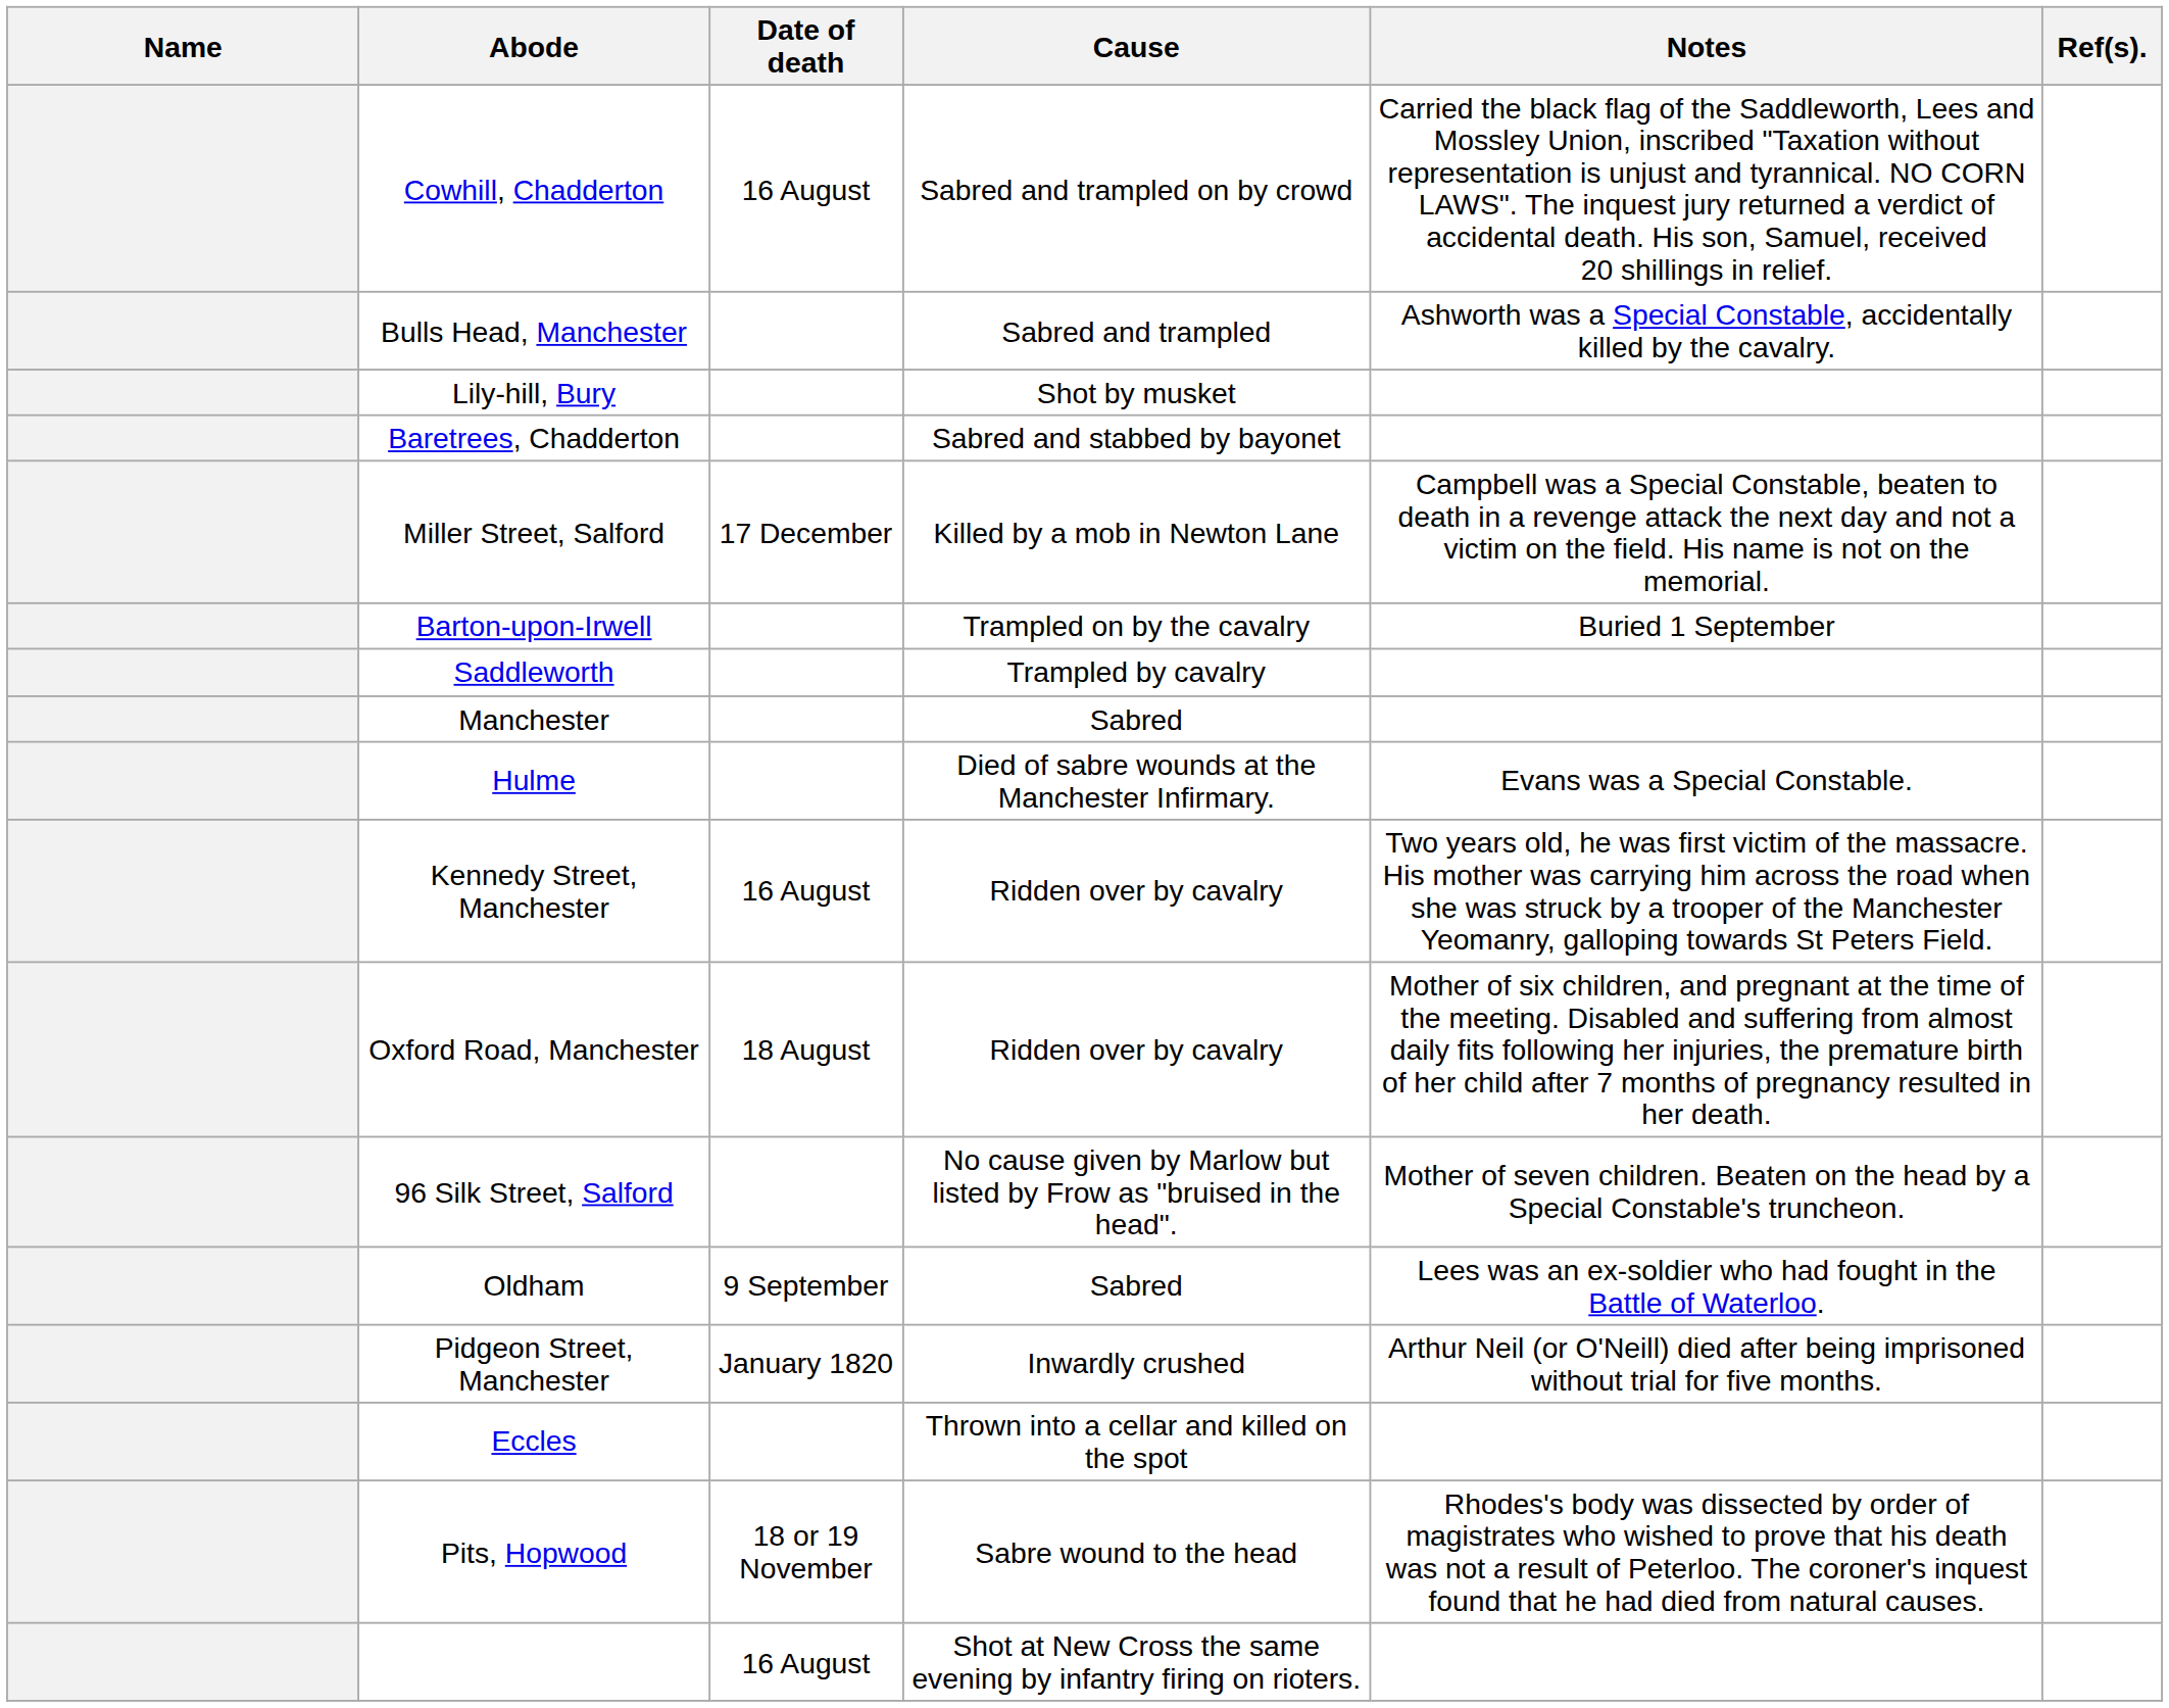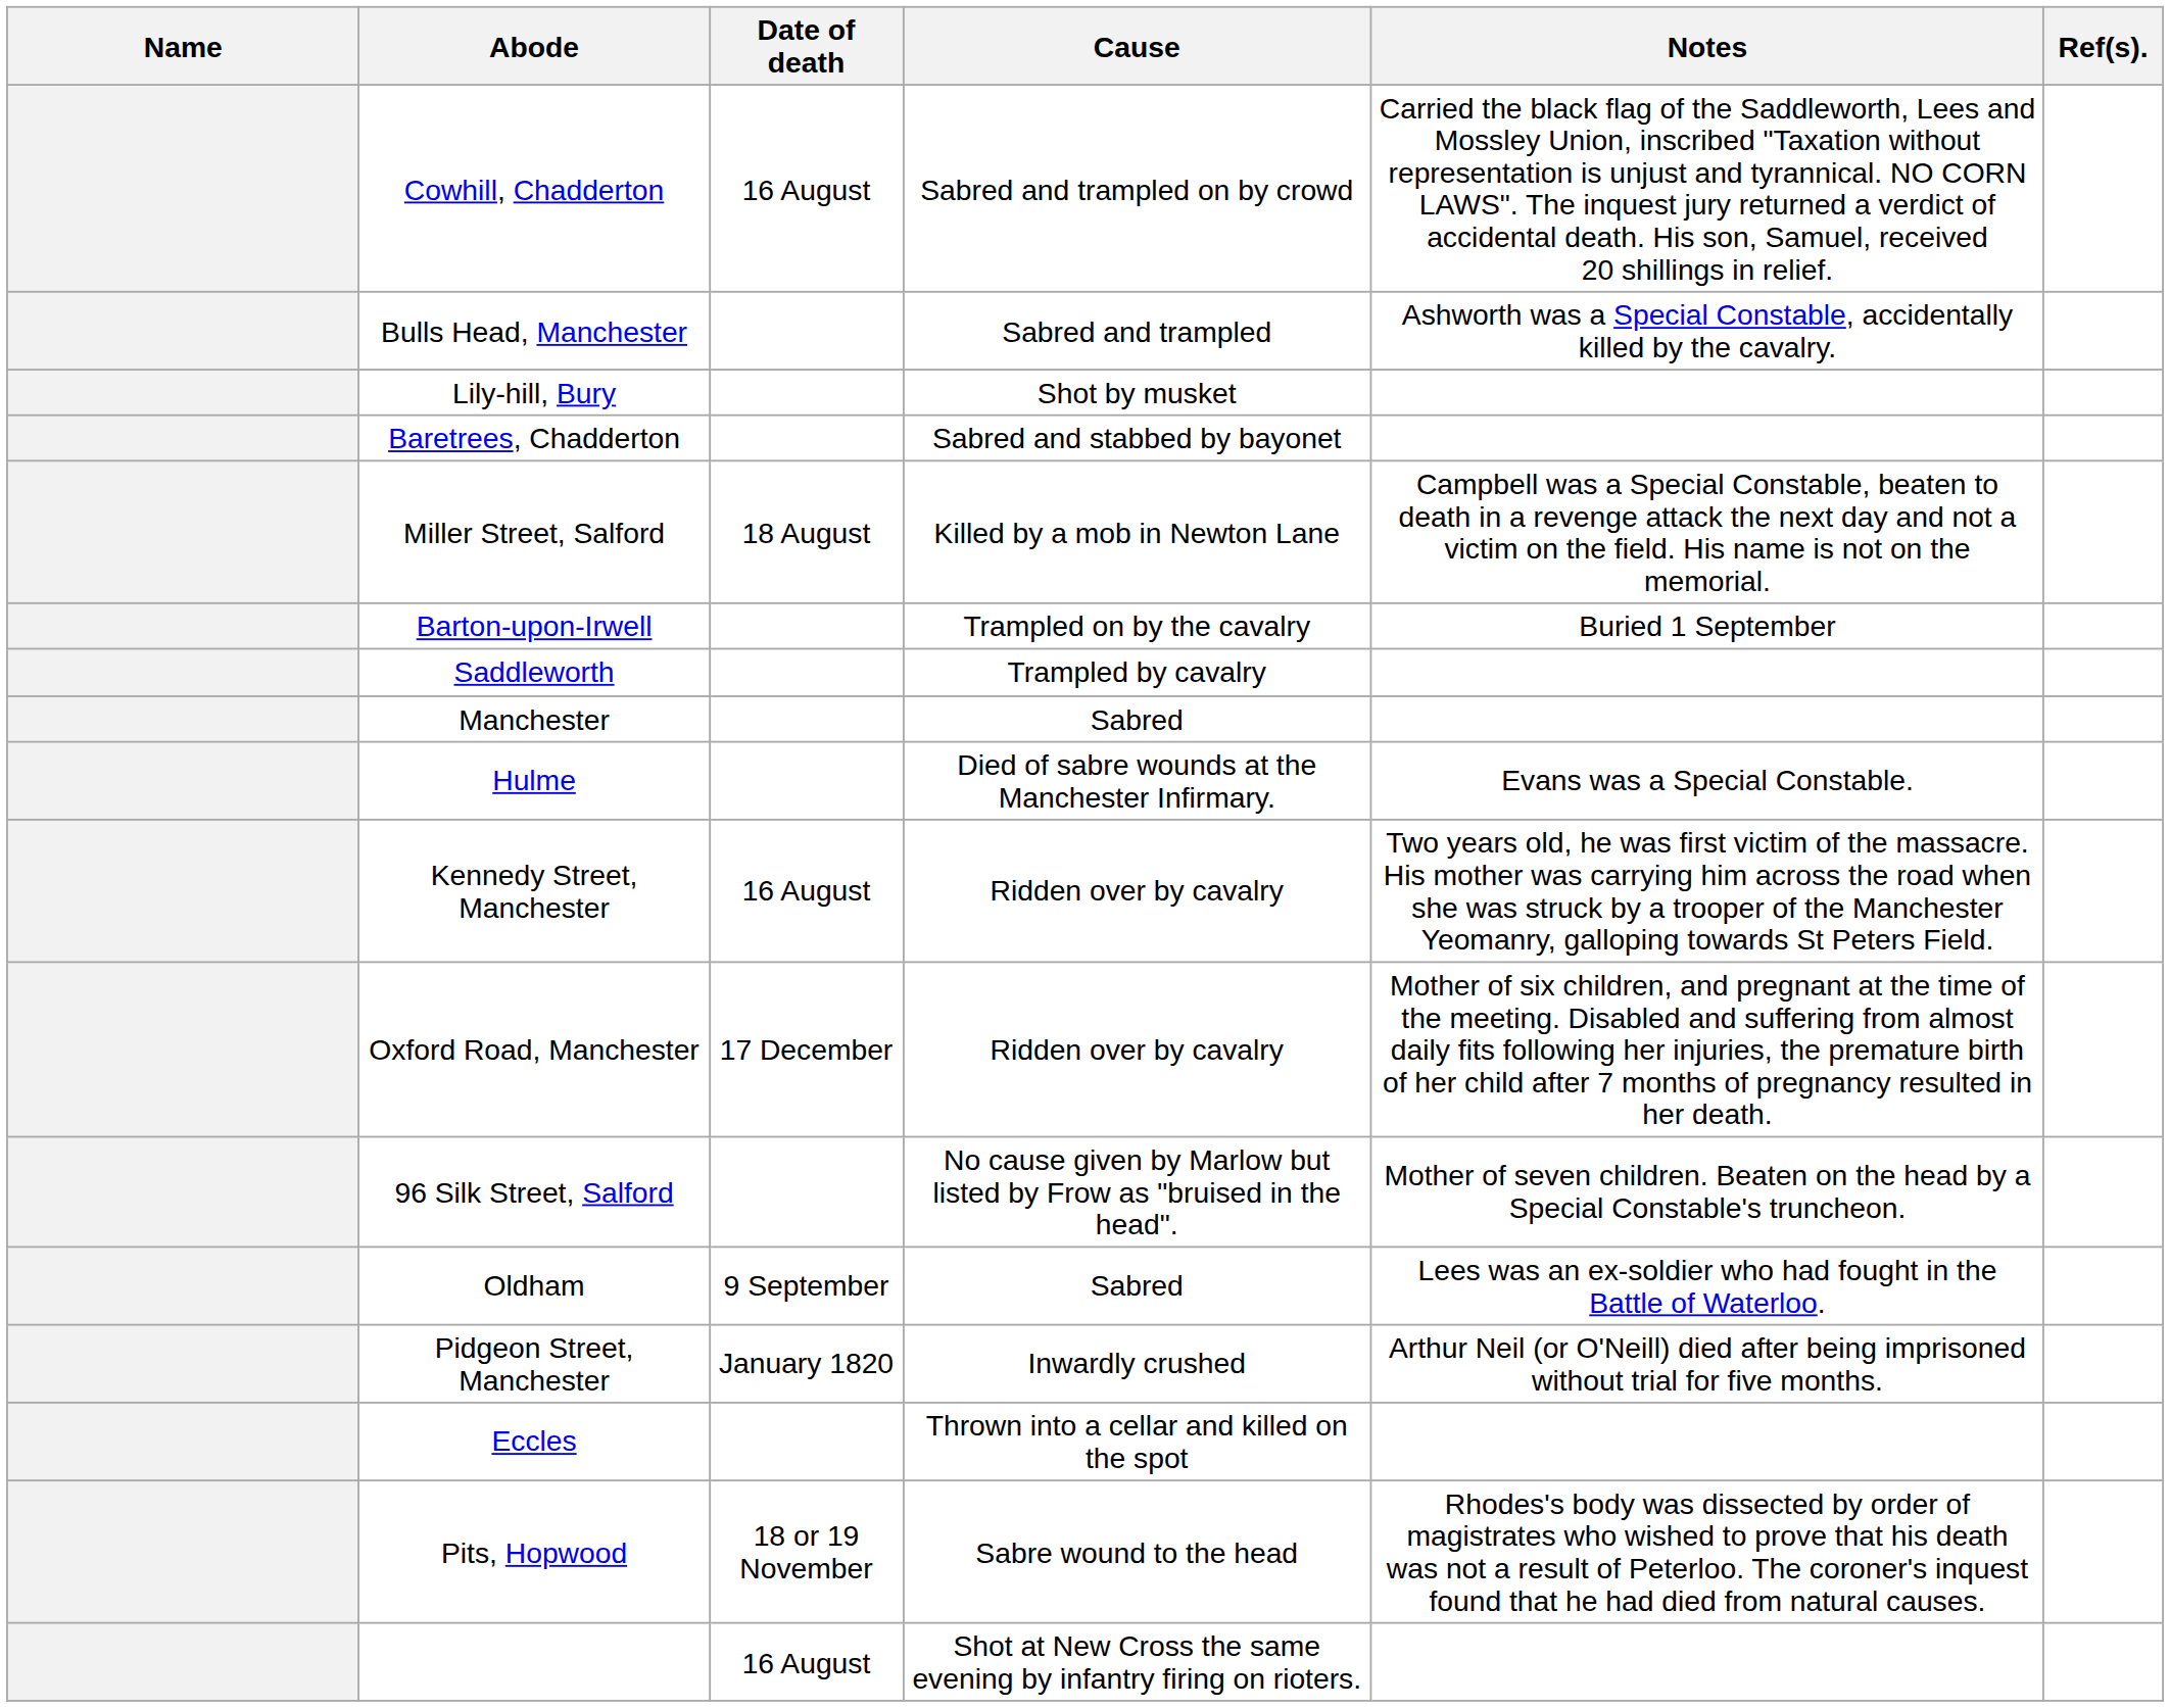 <table class="wikitable sortable" style="font-size:95%; display:block; width:90%; max-width:1200px; border:1px solid #fff; background:#fff; margin:1em auto 1em auto;">
 <tr>
 <th scope="col" style="height:17px; width:12%;">Name</th>
 <th scope="col" style="height:17px; width:12%;">Abode</th>
 <th scope="col" class="unsortable" style="height:17px; width:5%;">Date of death</th>
 <th scope="col" class="unsortable" style="height:17px; width:16%;">Cause</th>
 <th scope="col" class="unsortable" style="height:17px; width:23%;">Notes</th>
 <th scope="col" class="unsortable" style="height:17px; width:2%;">Ref(s).</th>
 </tr>
 <tr style="text-align:center;">
 <th scope="row"></th>
 <td><a href='#'>Cowhill</a>, <a href='#'>Chadderton</a></td>
 <td>16 August</td>
 <td>Sabred and trampled on by crowd</td>
 <td>Carried the black flag of the Saddleworth, Lees and Mossley Union, inscribed "Taxation without representation is unjust and tyrannical. NO CORN LAWS". The inquest jury returned a verdict of accidental death. His son, Samuel, received 20 shillings in relief.</td>
 <td></td>
 </tr>
 <tr style="text-align:center;">
 <th scope="row"></th>
 <td>Bulls Head, <a href='#'>Manchester</a></td>
 <td></td>
 <td>Sabred and trampled</td>
 <td>Ashworth was a <a href='#'>Special Constable</a>, accidentally killed by the cavalry.</td>
 <td></td>
 </tr>
 <tr style="text-align:center;">
 <th scope="row"></th>
 <td>Lily-hill, <a href='#'>Bury</a></td>
 <td></td>
 <td>Shot by musket</td>
 <td></td>
 <td></td>
 </tr>
 <tr style="text-align:center;">
 <th scope="row"></th>
 <td><a href='#'>Baretrees</a>, Chadderton</td>
 <td></td>
 <td>Sabred and stabbed by bayonet</td>
 <td></td>
 <td></td>
 </tr>
 <tr style="text-align:center;">
 <th scope="row"></th>
 <td>Miller Street, Salford</td>
-<td>17 December</td>
+<td>18 August</td>
 <td>Killed by a mob in Newton Lane</td>
 <td>Campbell was a Special Constable, beaten to death in a revenge attack the next day and not a victim on the field. His name is not on the memorial.</td>
 <td></td>
 </tr>
 <tr style="text-align:center;">
 <th scope="row"></th>
 <td><a href='#'>Barton-upon-Irwell</a></td>
 <td></td>
 <td>Trampled on by the cavalry</td>
 <td>Buried 1 September</td>
 <td></td>
 </tr>
 <tr style="text-align:center;">
 <th scope="row"></th>
 <td><a href='#'>Saddleworth</a></td>
 <td></td>
 <td>Trampled by cavalry</td>
 <td></td>
 <td></td>
 </tr>
 <tr style="text-align:center;">
 <th scope="row"></th>
 <td>Manchester</td>
 <td></td>
 <td>Sabred</td>
 <td></td>
 <td></td>
 </tr>
 <tr style="text-align:center;">
 <th scope="row"></th>
 <td><a href='#'>Hulme</a></td>
 <td></td>
 <td>Died of sabre wounds at the Manchester Infirmary.</td>
 <td>Evans was a Special Constable.</td>
 <td></td>
 </tr>
 <tr style="text-align:center;">
 <th scope="row"></th>
 <td>Kennedy Street, Manchester</td>
 <td>16 August</td>
 <td>Ridden over by cavalry</td>
 <td>Two years old, he was first victim of the massacre. His mother was carrying him across the road when she was struck by a trooper of the Manchester Yeomanry, galloping towards St Peters Field.</td>
 <td></td>
 </tr>
 <tr style="text-align:center;">
 <th scope="row"></th>
 <td>Oxford Road, Manchester</td>
-<td>18 August</td>
+<td>17 December</td>
 <td>Ridden over by cavalry</td>
 <td>Mother of six children, and pregnant at the time of the meeting. Disabled and suffering from almost daily fits following her injuries, the premature birth of her child after 7 months of pregnancy resulted in her death.</td>
 <td></td>
 </tr>
 <tr style="text-align:center;">
 <th scope="row"></th>
 <td>96 Silk Street, <a href='#'>Salford</a></td>
 <td></td>
 <td>No cause given by Marlow but listed by Frow as "bruised in the head".</td>
 <td>Mother of seven children. Beaten on the head by a Special Constable's truncheon.</td>
 <td></td>
 </tr>
 <tr style="text-align:center;">
 <th scope="row"></th>
 <td>Oldham</td>
 <td>9 September</td>
 <td>Sabred</td>
 <td>Lees was an ex-soldier who had fought in the <a href='#'>Battle of Waterloo</a>.</td>
 <td></td>
 </tr>
 <tr style="text-align:center;">
 <th scope="row"></th>
 <td>Pidgeon Street, Manchester</td>
 <td>January 1820</td>
 <td>Inwardly crushed</td>
 <td>Arthur Neil (or O'Neill) died after being imprisoned without trial for five months.</td>
 <td></td>
 </tr>
 <tr style="text-align:center;">
 <th scope="row"></th>
 <td><a href='#'>Eccles</a></td>
 <td></td>
 <td>Thrown into a cellar and killed on the spot</td>
 <td></td>
 <td></td>
 </tr>
 <tr style="text-align:center;">
 <th scope="row"></th>
 <td>Pits, <a href='#'>Hopwood</a></td>
 <td>18 or 19 November</td>
 <td>Sabre wound to the head</td>
 <td>Rhodes's body was dissected by order of magistrates who wished to prove that his death was not a result of Peterloo. The coroner's inquest found that he had died from natural causes.</td>
 <td></td>
 </tr>
 <tr style="text-align:center;">
 <th scope="row"></th>
 <td></td>
 <td>16 August</td>
 <td>Shot at New Cross the same evening by infantry firing on rioters.</td>
 <td></td>
 <td></td>
 </tr>
 </table>
